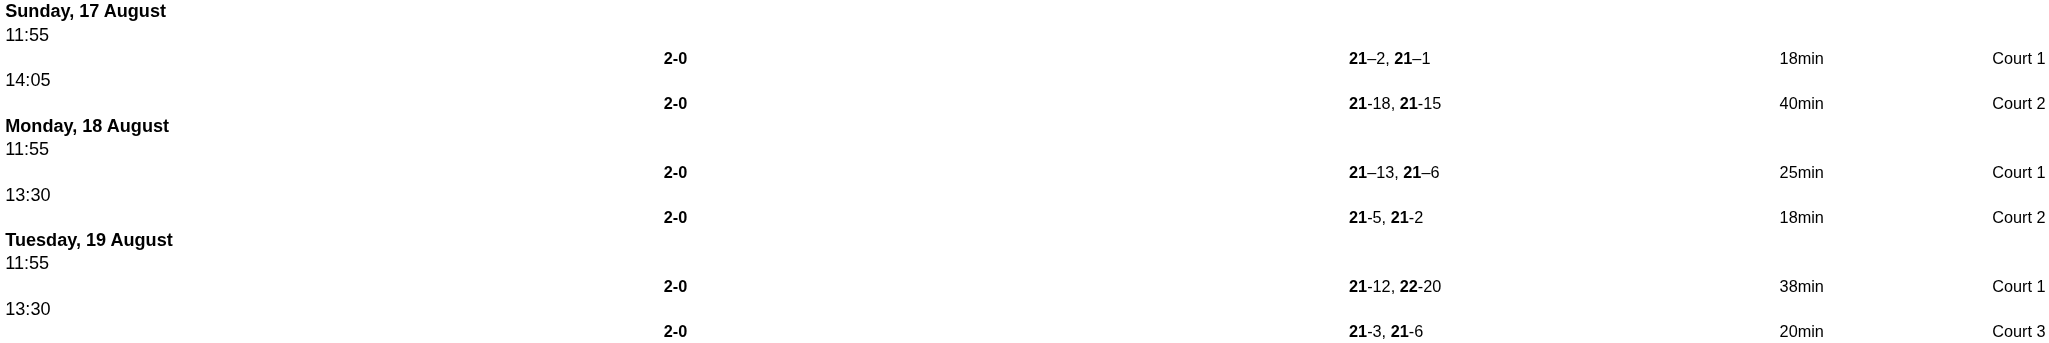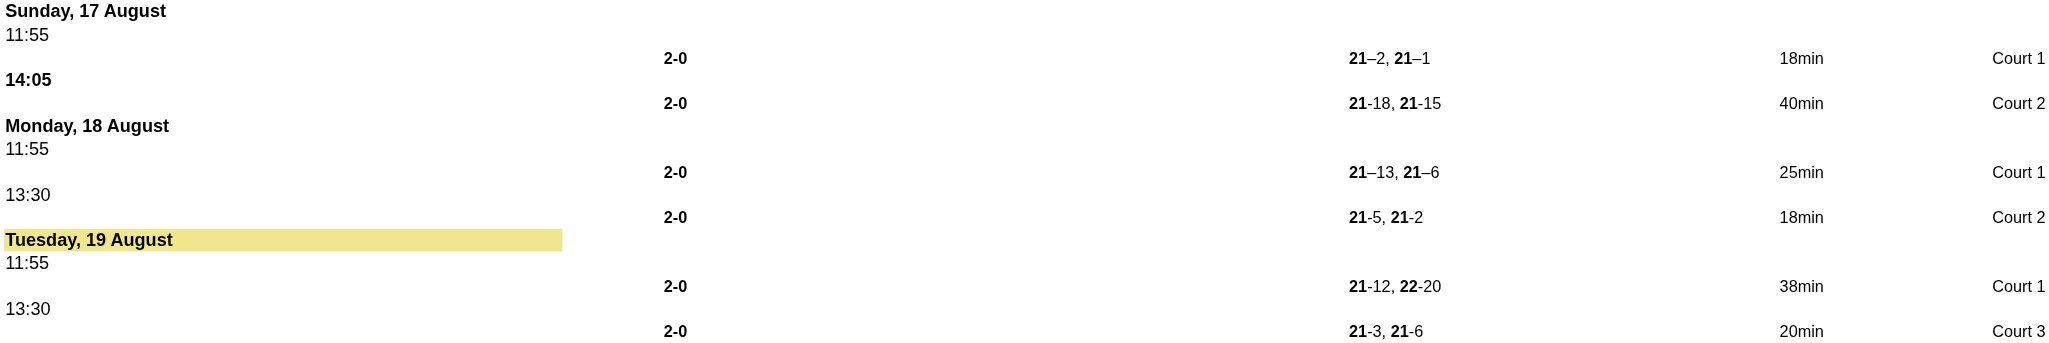 <table style="width:100%;" cellspacing="1">
 <tr>
 <th width=25%></th>
 <th width=10%></th>
 <th width=25%></th>
 </tr>
 <tr>
 <td><strong>Sunday, 17 August</strong></td>
 </tr>
 <tr>
 <td>11:55</td>
 </tr>
 <tr style=font-size:90%>
 <td align=right><strong></strong></td>
 <td align=center><strong> 2-0 </strong></td>
 <td></td>
 <td><strong>21</strong>–2, <strong>21</strong>–1</td>
 <td>18min</td>
 <td>Court 1</td>
 </tr>
 <tr>
-<td>14:05</td>
+<td><strong>14:05</strong></td>
 </tr>
 <tr style=font-size:90%>
 <td align=right><strong></strong></td>
 <td align=center><strong> 2-0 </strong></td>
 <td></td>
 <td><strong>21</strong>-18, <strong>21</strong>-15</td>
 <td>40min</td>
 <td>Court 2</td>
 </tr>
 <tr>
 <td><strong>Monday, 18 August</strong></td>
 </tr>
 <tr>
 <td>11:55</td>
 </tr>
 <tr style=font-size:90%>
 <td align=right><strong></strong></td>
 <td align=center><strong> 2-0 </strong></td>
 <td></td>
 <td><strong>21</strong>–13, <strong>21</strong>–6</td>
 <td>25min</td>
 <td>Court 1</td>
 </tr>
 <tr>
 <td>13:30</td>
 </tr>
 <tr style=font-size:90%>
 <td align=right><strong></strong></td>
 <td align=center><strong> 2-0 </strong></td>
 <td></td>
 <td><strong>21</strong>-5, <strong>21</strong>-2</td>
 <td>18min</td>
 <td>Court 2</td>
 </tr>
 <tr>
-<td><strong>Tuesday, 19 August</strong></td>
+<td style="background: khaki;"><strong>Tuesday, 19 August</strong></td>
 </tr>
 <tr>
 <td>11:55</td>
 </tr>
 <tr style=font-size:90%>
 <td align=right><strong></strong></td>
 <td align=center><strong> 2-0 </strong></td>
 <td></td>
 <td><strong>21</strong>-12, <strong>22</strong>-20</td>
 <td>38min</td>
 <td>Court 1</td>
 </tr>
 <tr>
 <td>13:30</td>
 </tr>
 <tr style=font-size:90%>
 <td align=right><strong></strong></td>
 <td align=center><strong> 2-0 </strong></td>
 <td></td>
 <td><strong>21</strong>-3, <strong>21</strong>-6</td>
 <td>20min</td>
 <td>Court 3</td>
 </tr>
 </table>
